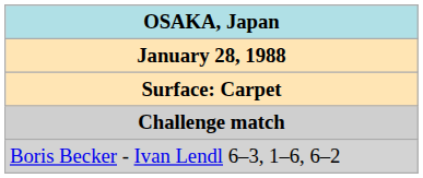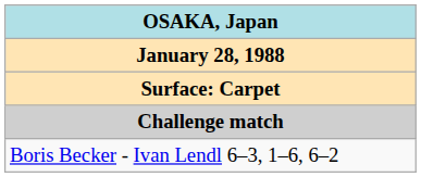 <table class="wikitable" style="font-size:95%;">
 <tr>
 <th colspan="2" style="background:#B0E0E6" width="300">OSAKA, Japan</th>
 </tr>
 <tr>
 <th colspan="2" style="background:#FFE5B4" width="300">January 28, 1988</th>
 </tr>
 <tr>
 <th colspan="2" style="background:#FFE5B4" width="300">Surface: Carpet</th>
 </tr>
 <tr>
 <th colspan="2" style="background:#cfcfcf" width="300">Challenge match</th>
 </tr>
 <tr>
-<td style="background: lightgrey;"><a href='#'>Boris Becker</a> - <a href='#'>Ivan Lendl</a> 6–3, 1–6, 6–2</td>
+<td><a href='#'>Boris Becker</a> - <a href='#'>Ivan Lendl</a> 6–3, 1–6, 6–2</td>
 </tr>
 </table>
